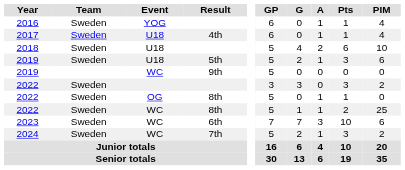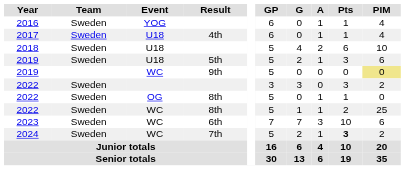 <table border="0" cellpadding="1" cellspacing="0" style="text-align:center; width:40em">
 <tr ALIGN="centre" bgcolor="#e0e0e0">
 <th>Year</th>
 <th>Team</th>
 <th>Event</th>
 <th>Result</th>
 <th rowspan="97" bgcolor="#ffffff"> </th>
 <th>GP</th>
 <th>G</th>
 <th>A</th>
 <th>Pts</th>
 <th>PIM</th>
 </tr>
 <tr>
 <td><a href='#'>2016</a></td>
 <td>Sweden</td>
 <td><a href='#'>YOG</a></td>
 <td></td>
 <td>6</td>
 <td>0</td>
 <td>1</td>
 <td>1</td>
 <td>4</td>
 </tr>
 <tr bgcolor="#f0f0f0">
 <td><a href='#'>2017</a></td>
 <td><a href='#'>Sweden</a></td>
 <td><a href='#'>U18</a></td>
 <td>4th</td>
 <td>6</td>
 <td>0</td>
 <td>1</td>
 <td>1</td>
 <td>4</td>
 </tr>
 <tr>
 <td><a href='#'>2018</a></td>
 <td>Sweden</td>
 <td>U18</td>
 <td></td>
 <td>5</td>
 <td>4</td>
 <td>2</td>
 <td>6</td>
 <td>10</td>
 </tr>
 <tr bgcolor="#f0f0f0">
 <td><a href='#'>2019</a></td>
 <td>Sweden</td>
 <td>U18</td>
 <td>5th</td>
 <td>5</td>
 <td>2</td>
 <td>1</td>
 <td>3</td>
 <td>6</td>
 </tr>
 <tr>
 <td><a href='#'>2019</a></td>
 <td></td>
 <td><a href='#'>WC</a></td>
 <td>9th</td>
 <td>5</td>
 <td>0</td>
 <td>0</td>
 <td>0</td>
-<td>0</td>
+<td style="background: khaki;">0</td>
 </tr>
 <tr bgcolor="#f0f0f0">
 <td><a href='#'>2022</a></td>
 <td>Sweden</td>
 <td></td>
 <td></td>
 <td>3</td>
 <td>3</td>
 <td>0</td>
 <td>3</td>
 <td>2</td>
 </tr>
 <tr>
 <td><a href='#'>2022</a></td>
 <td>Sweden</td>
 <td><a href='#'>OG</a></td>
 <td>8th</td>
 <td>5</td>
 <td>0</td>
 <td>1</td>
 <td>1</td>
 <td>0</td>
 </tr>
 <tr bgcolor="#f0f0f0">
 <td><a href='#'>2022</a></td>
 <td>Sweden</td>
 <td>WC</td>
 <td>8th</td>
 <td>5</td>
 <td>1</td>
 <td>1</td>
 <td>2</td>
 <td>25</td>
 </tr>
 <tr>
 <td><a href='#'>2023</a></td>
 <td>Sweden</td>
 <td>WC</td>
 <td>6th</td>
 <td>7</td>
 <td>7</td>
 <td>3</td>
 <td>10</td>
 <td>6</td>
 </tr>
 <tr bgcolor="#f0f0f0">
 <td><a href='#'>2024</a></td>
 <td>Sweden</td>
 <td>WC</td>
 <td>7th</td>
 <td>5</td>
 <td>2</td>
 <td>1</td>
-<td>3</td>
+<td><strong>3</strong></td>
 <td>2</td>
 </tr>
 <tr ALIGN="centre" bgcolor="#e0e0e0">
 <th colspan=4>Junior totals</th>
 <th>16</th>
 <th>6</th>
 <th>4</th>
 <th>10</th>
 <th>20</th>
 </tr>
 <tr ALIGN="centre" bgcolor="#e0e0e0">
 <th colspan=4>Senior totals</th>
 <th>30</th>
 <th>13</th>
 <th>6</th>
 <th>19</th>
 <th>35</th>
 </tr>
 </table>
